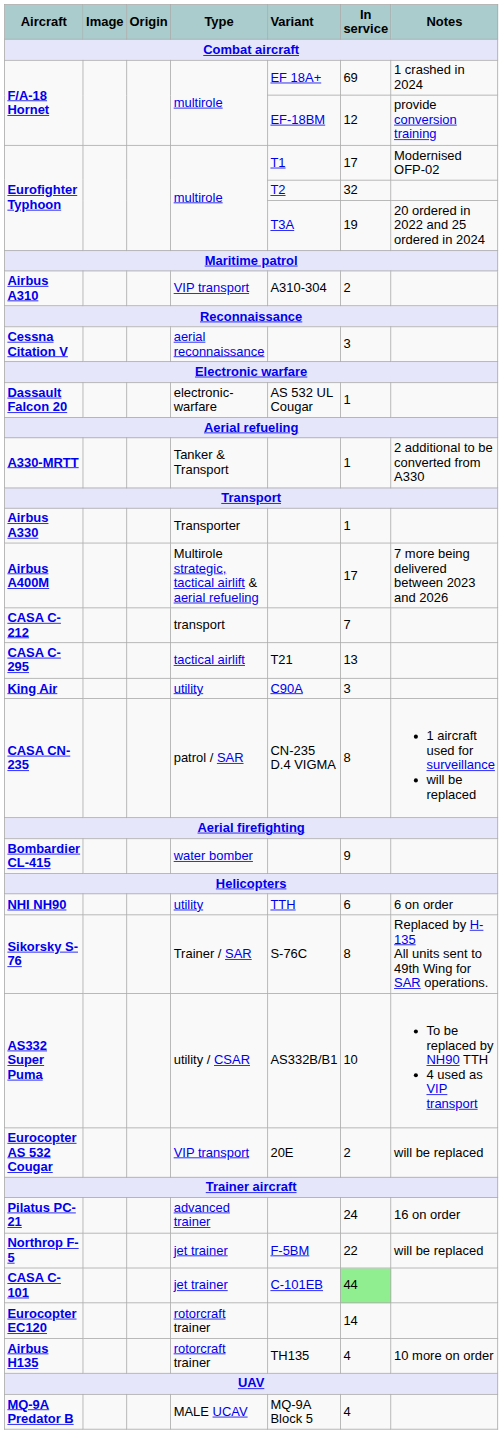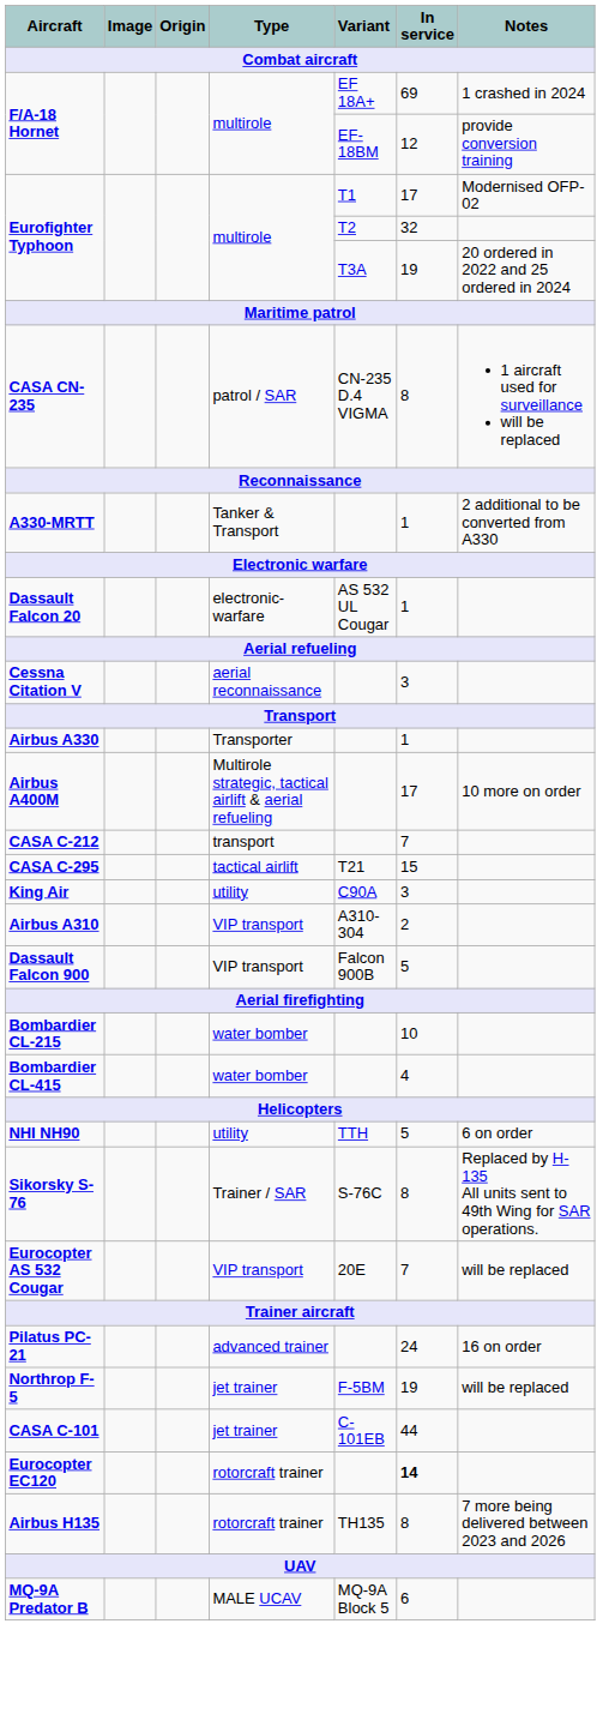 <table class="wikitable">
 <tr>
 <th style="text-align:center; background:#acc;">Aircraft</th>
 <th style="text-align:center; background:#acc;">Image</th>
 <th style="text-align: center; background:#acc;">Origin</th>
 <th style="text-align:l center; background:#acc;">Type</th>
 <th style="text-align:left; background:#acc;">Variant</th>
 <th style="text-align:center; background:#acc;">In service</th>
 <th style="text-align: center; background:#acc;">Notes</th>
 </tr>
 <tr>
 <th colspan="7" style="align: center; background: lavender;"><a href='#'>Combat aircraft</a></th>
 </tr>
 <tr>
 <td rowspan="2"><strong><a href='#'>F/A-18 Hornet</a></strong></td>
 <td rowspan="2"></td>
 <td rowspan="2"></td>
 <td rowspan="2"><a href='#'>multirole</a></td>
 <td><a href='#'>EF  18A+</a></td>
 <td>69</td>
 <td>1 crashed in 2024</td>
 </tr>
 <tr>
 <td><a href='#'>EF-18BM</a></td>
 <td>12</td>
 <td>provide <a href='#'>conversion training</a></td>
 </tr>
 <tr>
 <td rowspan="3"><strong><a href='#'>Eurofighter Typhoon</a></strong></td>
 <td rowspan="3"></td>
 <td rowspan="3">   </td>
 <td rowspan="3"><a href='#'>multirole</a></td>
 <td><a href='#'>T1</a></td>
 <td>17</td>
 <td>Modernised OFP-02</td>
 </tr>
 <tr>
 <td><a href='#'>T2</a></td>
 <td>32</td>
 <td></td>
 </tr>
 <tr>
 <td><a href='#'>T3A</a></td>
 <td>19</td>
 <td>20 ordered in 2022 and 25 ordered in 2024</td>
 </tr>
 <tr>
 <th colspan="7" style="align: center; background: lavender;"><a href='#'>Maritime patrol</a></th>
 </tr>
 <tr>
-<td><strong><a href='#'>Airbus A310</a></strong></td>
+<td><strong><a href='#'>CASA CN-235</a></strong></td>
 <td></td>
 <td></td>
-<td><a href='#'>VIP transport</a></td>
-<td>A310-304</td>
-<td>2</td>
-<td></td>
+<td>patrol / <a href='#'>SAR</a></td>
+<td>CN-235 D.4 VIGMA</td>
+<td>8</td>
+<td><br><ul><li>1 aircraft used for <a href='#'>surveillance</a></li><li>will be replaced</li></ul></td>
 </tr>
 <tr>
 <th colspan="7" style="align: center; background: lavender;"><a href='#'>Reconnaissance</a></th>
 </tr>
 <tr>
-<td><strong><a href='#'>Cessna Citation V</a></strong></td>
+<td><strong><a href='#'>A330-MRTT</a></strong></td>
 <td></td>
 <td></td>
-<td><a href='#'>aerial reconnaissance</a></td>
+<td>Tanker & Transport</td>
 <td></td>
-<td>3</td>
-<td></td>
+<td>1</td>
+<td>2 additional to be converted from A330</td>
 </tr>
 <tr>
 <th colspan="7" style="align: center; background: lavender;"><a href='#'>Electronic warfare</a></th>
 </tr>
 <tr>
 <td><strong><a href='#'>Dassault Falcon 20</a></strong></td>
 <td></td>
 <td></td>
 <td>electronic-warfare</td>
 <td>AS 532 UL Cougar</td>
 <td>1</td>
 <td></td>
 </tr>
 <tr>
 <th colspan="7" style="align: center; background: lavender;"><a href='#'>Aerial refueling</a></th>
 </tr>
 <tr>
-<td><strong><a href='#'>A330-MRTT</a></strong></td>
+<td><strong><a href='#'>Cessna Citation V</a></strong></td>
 <td></td>
 <td></td>
-<td>Tanker & Transport</td>
+<td><a href='#'>aerial reconnaissance</a></td>
 <td></td>
-<td>1</td>
-<td>2 additional to be converted from A330</td>
+<td>3</td>
+<td></td>
 </tr>
 <tr>
 <th colspan="7" style="align: center; background: lavender;"><a href='#'>Transport</a></th>
 </tr>
 <tr>
 <td><strong><a href='#'>Airbus A330</a></strong></td>
 <td></td>
 <td></td>
 <td>Transporter</td>
 <td></td>
 <td>1</td>
 <td></td>
 </tr>
 <tr>
 <td><strong><a href='#'>Airbus A400M</a></strong></td>
 <td></td>
 <td></td>
 <td>Multirole <a href='#'>strategic, tactical airlift</a> & <a href='#'>aerial refueling</a></td>
 <td></td>
 <td>17</td>
-<td>7 more being delivered between 2023 and 2026</td>
+<td>10 more on order</td>
 </tr>
 <tr>
 <td><strong><a href='#'>CASA C-212</a></strong></td>
 <td></td>
 <td></td>
 <td>transport</td>
 <td></td>
 <td>7</td>
 <td></td>
 </tr>
 <tr>
 <td><strong><a href='#'>CASA C-295</a></strong></td>
 <td></td>
 <td></td>
 <td><a href='#'>tactical airlift</a></td>
 <td>T21</td>
-<td>13</td>
+<td>15</td>
 <td></td>
 </tr>
 <tr>
 <td><strong><a href='#'>King Air</a></strong></td>
 <td></td>
 <td></td>
 <td><a href='#'>utility</a></td>
 <td><a href='#'>C90A</a></td>
 <td>3</td>
 <td></td>
 </tr>
 <tr>
-<td><strong><a href='#'>CASA CN-235</a></strong></td>
+<td><strong><a href='#'>Airbus A310</a></strong></td>
 <td></td>
 <td></td>
-<td>patrol / <a href='#'>SAR</a></td>
-<td>CN-235 D.4 VIGMA</td>
-<td>8</td>
-<td><br><ul><li>1 aircraft used for <a href='#'>surveillance</a></li><li>will be replaced</li></ul></td>
+<td><a href='#'>VIP transport</a></td>
+<td>A310-304</td>
+<td>2</td>
+<td></td>
+</tr>
+<tr>
+<td><strong><a href='#'>Dassault Falcon 900</a></strong></td>
+<td></td>
+<td></td>
+<td>VIP transport</td>
+<td>Falcon 900B</td>
+<td>5</td>
+<td></td>
 </tr>
 <tr>
 <th colspan="7" style="align: center; background: lavender;"><a href='#'>Aerial firefighting</a></th>
+</tr>
+<tr>
+<td><strong><a href='#'>Bombardier CL-215</a></strong></td>
+<td></td>
+<td></td>
+<td><a href='#'>water bomber</a></td>
+<td></td>
+<td>10</td>
+<td></td>
 </tr>
 <tr>
 <td><strong><a href='#'>Bombardier CL-415</a></strong></td>
 <td></td>
 <td></td>
 <td><a href='#'>water bomber</a></td>
 <td></td>
-<td>9</td>
+<td>4</td>
 <td></td>
 </tr>
 <tr>
 <th colspan="7" style="align: center; background: lavender;"><a href='#'>Helicopters</a></th>
 </tr>
 <tr>
 <td><strong><a href='#'>NHI NH90</a></strong></td>
 <td></td>
 <td></td>
 <td><a href='#'>utility</a></td>
 <td><a href='#'>TTH</a></td>
-<td>6</td>
+<td>5</td>
 <td>6 on order</td>
 </tr>
 <tr>
 <td><strong><a href='#'>Sikorsky S-76</a></strong></td>
 <td></td>
 <td></td>
 <td>Trainer / <a href='#'>SAR</a></td>
 <td>S-76C</td>
 <td>8</td>
 <td>Replaced by <a href='#'>H-135</a><br>All units sent to 49th Wing for <a href='#'>SAR</a> operations.</td>
 </tr>
 <tr>
-<td><strong><a href='#'>AS332 Super Puma</a></strong></td>
-<td></td>
-<td></td>
-<td>utility / <a href='#'>CSAR</a></td>
-<td>AS332B/B1</td>
-<td>10</td>
-<td><br><ul><li>To be replaced by <a href='#'>NH90</a> TTH</li><li>4 used as <a href='#'>VIP transport</a></li></ul></td>
-</tr>
-<tr>
 <td><strong><a href='#'>Eurocopter AS 532 Cougar</a></strong></td>
 <td></td>
 <td></td>
 <td><a href='#'>VIP transport</a></td>
 <td>20E</td>
-<td>2</td>
+<td>7</td>
 <td>will be replaced</td>
 </tr>
 <tr>
 <th colspan="7" style="align: center; background: lavender;"><a href='#'>Trainer aircraft</a></th>
 </tr>
 <tr>
 <td><strong><a href='#'>Pilatus PC-21</a></strong></td>
 <td></td>
 <td></td>
 <td><a href='#'>advanced trainer</a></td>
 <td></td>
 <td>24</td>
 <td>16 on order</td>
 </tr>
 <tr>
 <td><strong><a href='#'>Northrop F-5</a></strong></td>
 <td></td>
 <td></td>
 <td><a href='#'>jet trainer</a></td>
 <td><a href='#'>F-5BM</a></td>
-<td>22</td>
+<td>19</td>
 <td>will be replaced</td>
 </tr>
 <tr>
 <td><strong><a href='#'>CASA C-101</a></strong></td>
 <td></td>
 <td></td>
 <td><a href='#'>jet trainer</a></td>
 <td><a href='#'>C-101EB</a></td>
-<td style="background: lightgreen;">44</td>
+<td>44</td>
 <td></td>
 </tr>
 <tr>
 <td><strong><a href='#'>Eurocopter EC120</a></strong></td>
 <td></td>
 <td></td>
 <td><a href='#'>rotorcraft</a> trainer</td>
 <td></td>
-<td>14</td>
+<td><strong>14</strong></td>
 <td></td>
 </tr>
 <tr>
 <td><strong><a href='#'>Airbus H135</a></strong></td>
 <td></td>
 <td></td>
 <td><a href='#'>rotorcraft</a> trainer</td>
 <td>TH135</td>
-<td>4</td>
-<td>10 more on order</td>
+<td>8</td>
+<td>7 more being delivered between 2023 and 2026</td>
 </tr>
 <tr>
 <th colspan="7" style="align: center; background: lavender;"><a href='#'>UAV</a></th>
 </tr>
 <tr>
 <td><strong><a href='#'>MQ-9A Predator B</a></strong></td>
 <td></td>
 <td></td>
 <td>MALE <a href='#'>UCAV</a></td>
 <td>MQ-9A Block 5</td>
-<td>4</td>
+<td>6</td>
 <td></td>
 </tr>
 </table>
